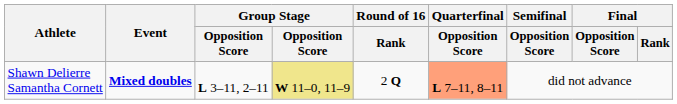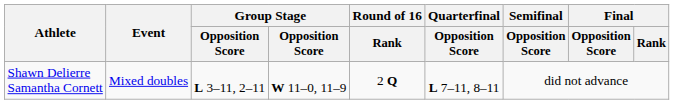 <table class="wikitable" style="font-size:90%">
 <tr>
 <th rowspan=2>Athlete</th>
 <th rowspan=2>Event</th>
 <th colspan=2>Group Stage</th>
 <th>Round of 16</th>
 <th>Quarterfinal</th>
 <th>Semifinal</th>
 <th colspan=3>Final</th>
 </tr>
 <tr style="font-size:95%">
 <th>Opposition<br>Score</th>
 <th>Opposition<br>Score</th>
 <th>Rank</th>
 <th>Opposition<br>Score</th>
 <th>Opposition<br>Score</th>
 <th>Opposition<br>Score</th>
 <th>Rank</th>
 </tr>
 <tr align=center>
 <td align=left><a href='#'>Shawn Delierre</a><br><a href='#'>Samantha Cornett</a></td>
-<td align=left><strong><a href='#'>Mixed doubles</a></strong></td>
+<td align=left><a href='#'>Mixed doubles</a></td>
 <td><br><strong>L</strong> 3–11, 2–11</td>
-<td style="background: khaki;"><br><strong>W</strong> 11–0, 11–9</td>
+<td><br><strong>W</strong> 11–0, 11–9</td>
 <td>2 <strong>Q</strong></td>
-<td style="background: lightsalmon;"><br><strong>L</strong> 7–11, 8–11</td>
+<td><br><strong>L</strong> 7–11, 8–11</td>
 <td colspan="4">did not advance</td>
 </tr>
 </table>
